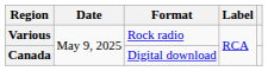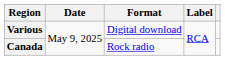 <table class="wikitable plainrowheaders">
 <tr>
 <th scope="col">Region</th>
 <th scope="col">Date</th>
 <th scope="col">Format</th>
 <th scope="col">Label</th>
 <th scope="col"></th>
 </tr>
 <tr>
 <th scope="row">Various</th>
 <td rowspan="2">May 9, 2025</td>
-<td><a href='#'>Rock radio</a></td>
+<td><a href='#'>Digital download</a></td>
 <td rowspan="2"><a href='#'>RCA</a></td>
 <td align="center"></td>
 </tr>
 <tr>
 <th scope="row">Canada</th>
-<td><a href='#'>Digital download</a></td>
+<td><a href='#'>Rock radio</a></td>
 <td align="center"></td>
 </tr>
 </table>
